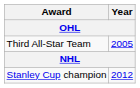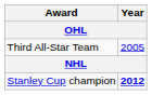 <table class="wikitable">
 <tr>
 <th>Award</th>
 <th>Year</th>
 </tr>
 <tr>
 <th colspan="3"><a href='#'>OHL</a></th>
 </tr>
 <tr>
 <td>Third All-Star Team</td>
 <td><a href='#'>2005</a></td>
 </tr>
 <tr>
 <th colspan="3"><a href='#'>NHL</a></th>
 </tr>
 <tr>
 <td><a href='#'>Stanley Cup</a> champion</td>
-<td><a href='#'>2012</a></td>
+<td><strong><a href='#'>2012</a></strong></td>
 </tr>
 </table>
